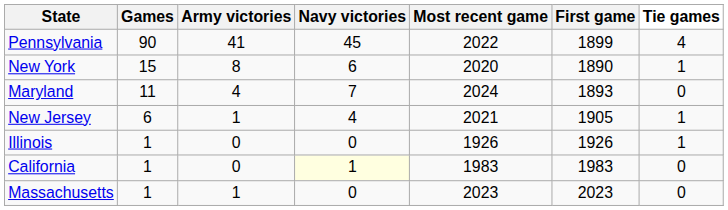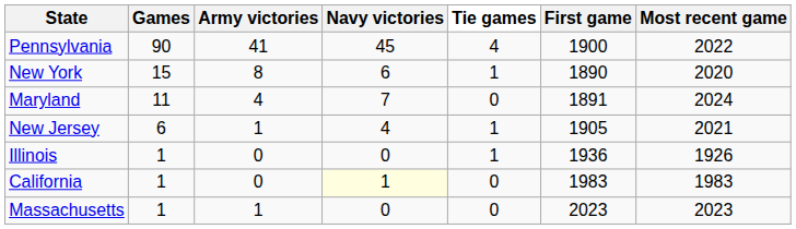 <table class="wikitable sortable">
 <tr>
 <th>State</th>
 <th>Games</th>
 <th>Army victories</th>
 <th>Navy victories</th>
+<th style="text-align:center; background:white; color:black;">Tie games</th>
+<th>First game</th>
 <th>Most recent game</th>
-<th>First game</th>
-<th style="text-align:center; background:white; color:black;">Tie games</th>
 </tr>
 <tr>
 <td><a href='#'>Pennsylvania</a></td>
 <td style="text-align:center;">90</td>
 <td style="text-align:center;">41</td>
 <td style="text-align:center;">45</td>
+<td style="text-align:center;">4</td>
+<td style="text-align:center;">1900</td>
 <td style="text-align:center;">2022</td>
-<td style="text-align:center;">1899</td>
-<td style="text-align:center;">4</td>
 </tr>
 <tr>
 <td><a href='#'>New York</a></td>
 <td style="text-align:center;">15</td>
 <td style="text-align:center;">8</td>
 <td style="text-align:center;">6</td>
+<td style="text-align:center;">1</td>
+<td style="text-align:center;">1890</td>
 <td style="text-align:center;">2020</td>
-<td style="text-align:center;">1890</td>
-<td style="text-align:center;">1</td>
 </tr>
 <tr>
 <td><a href='#'>Maryland</a></td>
 <td style="text-align:center;">11</td>
 <td style="text-align:center;">4</td>
 <td style="text-align:center;">7</td>
+<td style="text-align:center;">0</td>
+<td style="text-align:center;">1891</td>
 <td style="text-align:center;">2024</td>
-<td style="text-align:center;">1893</td>
-<td style="text-align:center;">0</td>
 </tr>
 <tr>
 <td><a href='#'>New Jersey</a></td>
 <td style="text-align:center;">6</td>
 <td style="text-align:center;">1</td>
 <td style="text-align:center;">4</td>
+<td style="text-align:center;">1</td>
+<td style="text-align:center;">1905</td>
 <td style="text-align:center;">2021</td>
-<td style="text-align:center;">1905</td>
-<td style="text-align:center;">1</td>
 </tr>
 <tr>
 <td><a href='#'>Illinois</a></td>
 <td style="text-align:center;">1</td>
 <td style="text-align:center;">0</td>
 <td style="text-align:center;">0</td>
+<td style="text-align:center;">1</td>
+<td style="text-align:center;">1936</td>
 <td style="text-align:center;">1926</td>
-<td style="text-align:center;">1926</td>
-<td style="text-align:center;">1</td>
 </tr>
 <tr>
 <td><a href='#'>California</a></td>
 <td style="text-align:center;">1</td>
 <td style="text-align:center;">0</td>
 <td style="background: lightyellow; text-align:center;">1</td>
+<td style="text-align:center;">0</td>
 <td style="text-align:center;">1983</td>
 <td style="text-align:center;">1983</td>
-<td style="text-align:center;">0</td>
 </tr>
 <tr>
 <td><a href='#'>Massachusetts</a></td>
 <td style="text-align:center;">1</td>
 <td style="text-align:center;">1</td>
 <td style="text-align:center;">0</td>
+<td style="text-align:center;">0</td>
 <td style="text-align:center;">2023</td>
 <td style="text-align:center;">2023</td>
-<td style="text-align:center;">0</td>
 </tr>
 </table>
